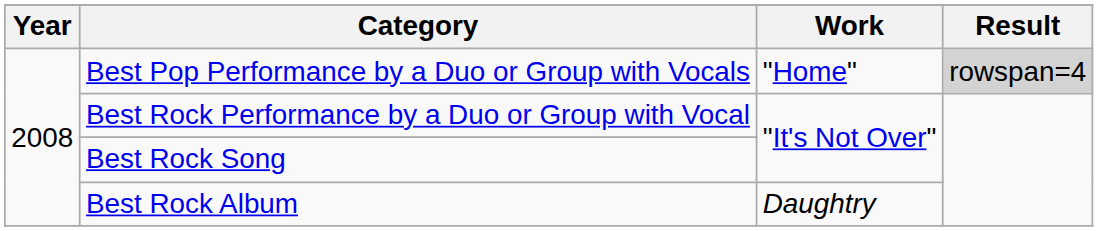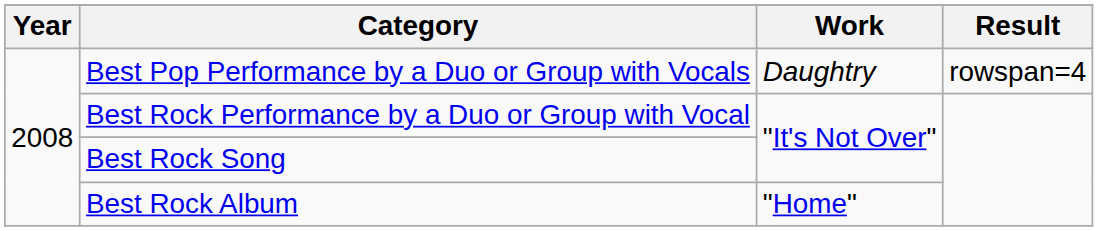 <table class="wikitable">
 <tr>
 </tr>
 <tr>
 <th>Year</th>
 <th>Category</th>
 <th>Work</th>
 <th>Result</th>
 </tr>
 <tr>
 <td rowspan=4>2008</td>
 <td><a href='#'>Best Pop Performance by a Duo or Group with Vocals</a></td>
-<td>"<a href='#'>Home</a>"</td>
-<td style="background: lightgrey;">rowspan=4 </td>
+<td><em>Daughtry</em></td>
+<td>rowspan=4 </td>
 </tr>
 <tr>
 <td><a href='#'>Best Rock Performance by a Duo or Group with Vocal</a></td>
 <td rowspan=2>"<a href='#'>It's Not Over</a>"</td>
 </tr>
 <tr>
 <td><a href='#'>Best Rock Song</a></td>
 </tr>
 <tr>
 <td><a href='#'>Best Rock Album</a></td>
-<td><em>Daughtry</em></td>
+<td>"<a href='#'>Home</a>"</td>
 </tr>
 </table>
